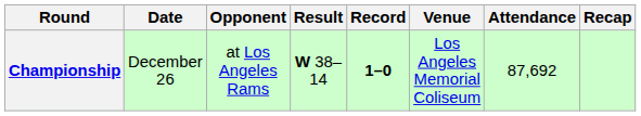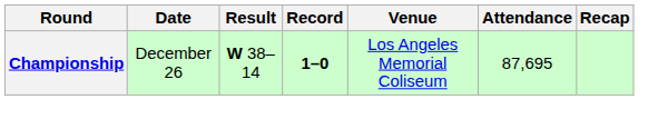 <table class="wikitable" style="text-align:center">
 <tr>
 <th>Round</th>
 <th>Date</th>
-<th>Opponent</th>
 <th>Result</th>
 <th>Record</th>
 <th>Venue</th>
 <th>Attendance</th>
 <th>Recap</th>
 </tr>
 <tr style="background:#cfc">
 <th><a href='#'>Championship</a></th>
 <td>December 26</td>
-<td>at <a href='#'>Los Angeles Rams</a></td>
 <td><strong>W</strong> 38–14</td>
 <td><strong>1–0</strong></td>
 <td><a href='#'>Los Angeles Memorial Coliseum</a></td>
-<td>87,692</td>
+<td>87,695</td>
 <td></td>
 </tr>
 </table>
